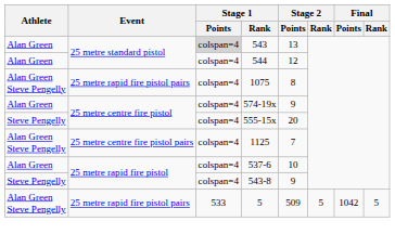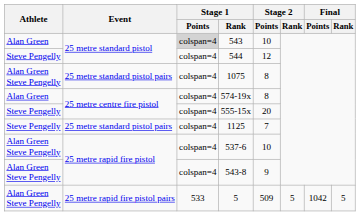 <table class="wikitable" style="font-size:90%">
 <tr>
 <th rowspan=2>Athlete</th>
 <th rowspan=2>Event</th>
 <th colspan=2>Stage 1</th>
 <th colspan=2>Stage 2</th>
 <th colspan=2>Final</th>
 </tr>
 <tr style="font-size:95%">
 <th>Points</th>
 <th>Rank</th>
 <th>Points</th>
 <th>Rank</th>
 <th>Points</th>
 <th>Rank</th>
 </tr>
 <tr align=center>
 <td align=left><a href='#'>Alan Green</a></td>
 <td align=left rowspan="2"><a href='#'>25 metre standard pistol</a></td>
 <td style="background: lightgrey;">colspan=4 </td>
 <td>543</td>
-<td>13</td>
+<td>10</td>
 </tr>
 <tr align=center>
-<td align=left><a href='#'>Alan Green</a></td>
+<td align=left><a href='#'>Steve Pengelly</a></td>
 <td>colspan=4 </td>
 <td>544</td>
 <td>12</td>
 </tr>
 <tr align=center>
 <td align=left><a href='#'>Alan Green</a><br><a href='#'>Steve Pengelly</a></td>
-<td align=left rowspan="1"><a href='#'>25 metre rapid fire pistol pairs</a></td>
+<td align=left rowspan="1"><a href='#'>25 metre standard pistol pairs</a></td>
 <td>colspan=4 </td>
 <td>1075</td>
 <td>8</td>
 </tr>
 <tr align=center>
 <td align=left><a href='#'>Alan Green</a></td>
 <td align=left rowspan="2"><a href='#'>25 metre centre fire pistol</a></td>
 <td>colspan=4 </td>
 <td>574-19x</td>
-<td>9</td>
+<td>8</td>
 </tr>
 <tr align=center>
 <td align=left><a href='#'>Steve Pengelly</a></td>
 <td>colspan=4 </td>
 <td>555-15x</td>
 <td>20</td>
 </tr>
 <tr align=center>
-<td align=left><a href='#'>Alan Green</a><br><a href='#'>Steve Pengelly</a></td>
-<td align=left rowspan="1"><a href='#'>25 metre centre fire pistol pairs</a></td>
+<td align=left><a href='#'>Steve Pengelly</a></td>
+<td align=left rowspan="1"><a href='#'>25 metre standard pistol pairs</a></td>
 <td>colspan=4 </td>
 <td>1125</td>
 <td>7</td>
 </tr>
 <tr align=center>
-<td align=left><a href='#'>Alan Green</a></td>
+<td align=left><a href='#'>Alan Green</a><br><a href='#'>Steve Pengelly</a></td>
 <td align=left rowspan="2"><a href='#'>25 metre rapid fire pistol</a></td>
 <td>colspan=4 </td>
 <td>537-6</td>
 <td>10</td>
 </tr>
 <tr align=center>
-<td align=left><a href='#'>Steve Pengelly</a></td>
+<td align=left><a href='#'>Alan Green</a><br><a href='#'>Steve Pengelly</a></td>
 <td>colspan=4 </td>
 <td>543-8</td>
 <td>9</td>
 </tr>
 <tr align=center>
 <td align=left><a href='#'>Alan Green</a><br><a href='#'>Steve Pengelly</a></td>
 <td align=left rowspan="1"><a href='#'>25 metre rapid fire pistol pairs</a></td>
 <td>533</td>
 <td>5</td>
 <td>509</td>
 <td>5</td>
 <td>1042</td>
 <td>5</td>
 </tr>
 </table>
